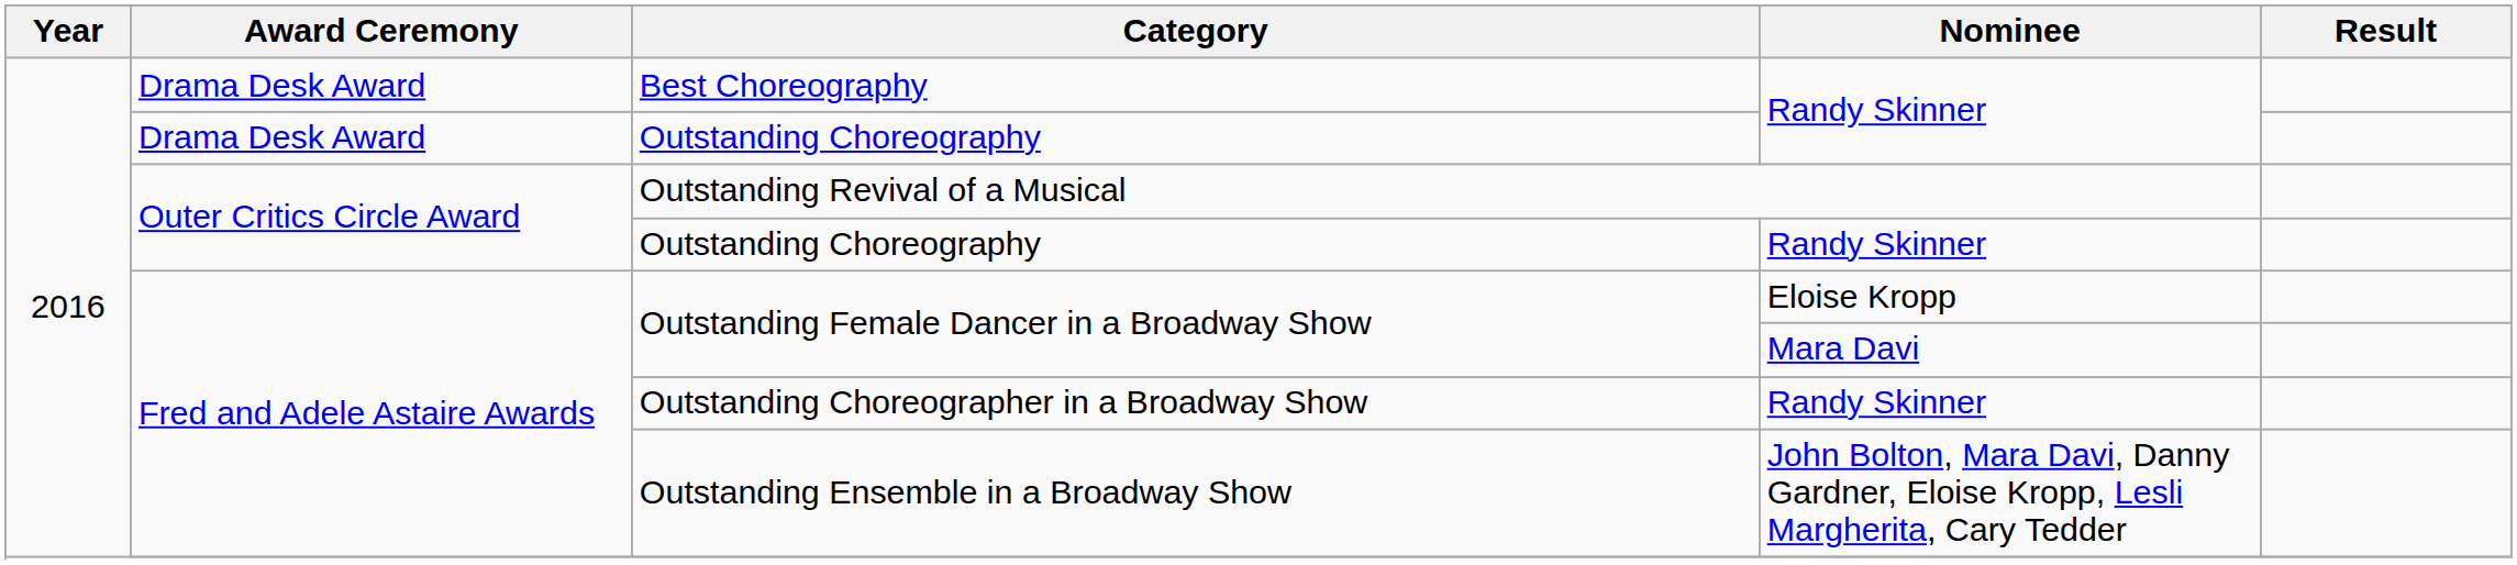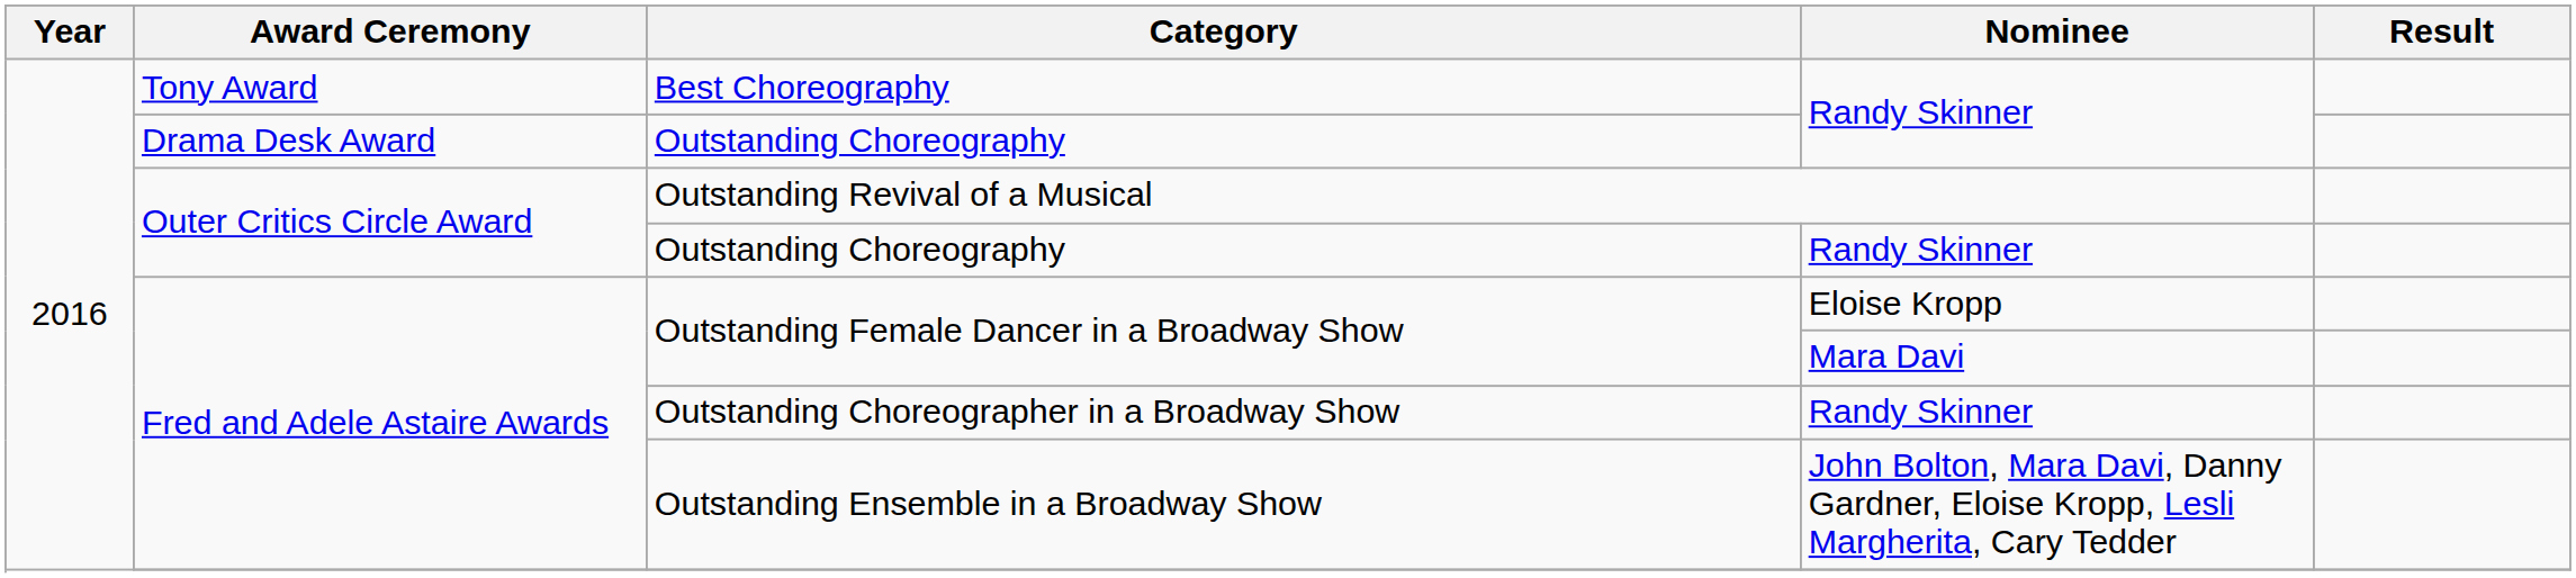 <table class="wikitable" width="95%">
 <tr>
 <th width="5%">Year</th>
 <th width="20%">Award Ceremony</th>
 <th width="45%">Category</th>
 <th width="20%">Nominee</th>
 <th width="10%">Result</th>
 </tr>
 <tr>
 <td rowspan="20" align="center">2016</td>
-<td><a href='#'>Drama Desk Award</a></td>
+<td><a href='#'>Tony Award</a></td>
 <td><a href='#'>Best Choreography</a></td>
 <td rowspan="2"><a href='#'>Randy Skinner</a></td>
 <td></td>
 </tr>
 <tr>
 <td><a href='#'>Drama Desk Award</a></td>
 <td><a href='#'>Outstanding Choreography</a></td>
 <td></td>
 </tr>
 <tr>
 <td rowspan="2"><a href='#'>Outer Critics Circle Award</a></td>
 <td colspan="2">Outstanding Revival of a Musical</td>
 <td></td>
 </tr>
 <tr>
 <td>Outstanding Choreography</td>
 <td><a href='#'>Randy Skinner</a></td>
 <td></td>
 </tr>
 <tr>
 <td rowspan="4"><a href='#'>Fred and Adele Astaire Awards</a></td>
 <td rowspan="2">Outstanding Female Dancer in a Broadway Show</td>
 <td>Eloise Kropp</td>
 <td></td>
 </tr>
 <tr>
 <td><a href='#'>Mara Davi</a></td>
 <td></td>
 </tr>
 <tr>
 <td>Outstanding Choreographer in a Broadway Show</td>
 <td><a href='#'>Randy Skinner</a></td>
 <td></td>
 </tr>
 <tr>
 <td>Outstanding Ensemble in a Broadway Show</td>
 <td><a href='#'>John Bolton</a>, <a href='#'>Mara Davi</a>, Danny Gardner, Eloise Kropp, <a href='#'>Lesli Margherita</a>, Cary Tedder</td>
 <td></td>
 </tr>
 <tr>
 </tr>
 </table>
